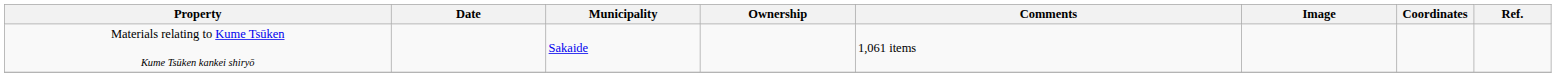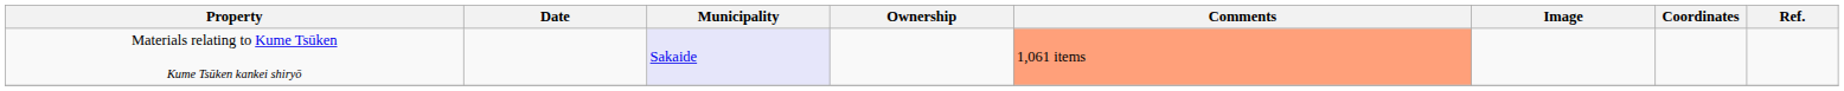 <table class="wikitable sortable"  style="width:100%;">
 <tr>
 <th width="25%" align="left">Property</th>
 <th width="10%" align="left">Date</th>
 <th width="10%" align="left">Municipality</th>
 <th width="10%" align="left">Ownership</th>
 <th width="25%" align="left" class="unsortable">Comments</th>
 <th width="10%" align="left" class="unsortable">Image</th>
 <th width="5%" align="left" class="unsortable">Coordinates</th>
 <th width="5%" align="left" class="unsortable">Ref.</th>
 </tr>
 <tr>
 <td align="center">Materials relating to <a href='#'>Kume Tsūken</a><br><br><small><em>Kume Tsūken kankei shiryō</em></small></td>
 <td></td>
-<td><a href='#'>Sakaide</a></td>
+<td style="background: lavender;"><a href='#'>Sakaide</a></td>
 <td></td>
-<td>1,061 items</td>
+<td style="background: lightsalmon;">1,061 items</td>
 <td></td>
 <td></td>
 <td></td>
 </tr>
 <tr>
 </tr>
 </table>
